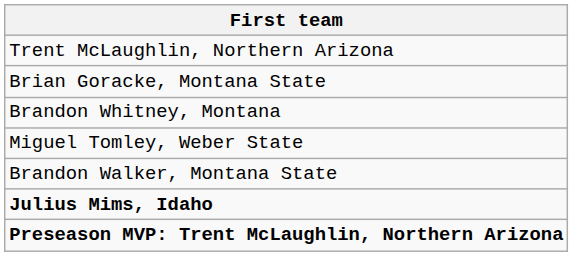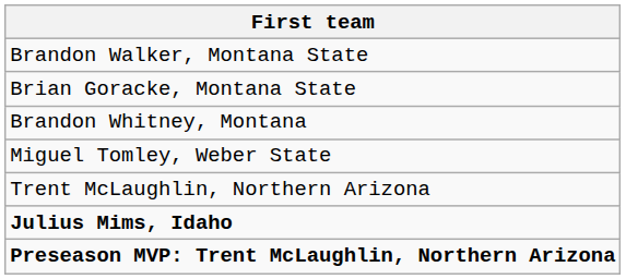 <table class="wikitable">
 <tr>
 <th>First team</th>
 </tr>
 <tr>
-<td>Trent McLaughlin, Northern Arizona</td>
+<td>Brandon Walker, Montana State</td>
 </tr>
 <tr>
 <td>Brian Goracke, Montana State</td>
 </tr>
 <tr>
 <td>Brandon Whitney, Montana</td>
 </tr>
 <tr>
 <td>Miguel Tomley, Weber State</td>
 </tr>
 <tr>
-<td>Brandon Walker, Montana State</td>
+<td>Trent McLaughlin, Northern Arizona</td>
 </tr>
 <tr>
 <td><strong>Julius Mims, Idaho</strong></td>
 </tr>
 <tr>
 <td><strong>Preseason MVP: Trent McLaughlin, Northern Arizona</strong></td>
 </tr>
 </table>
